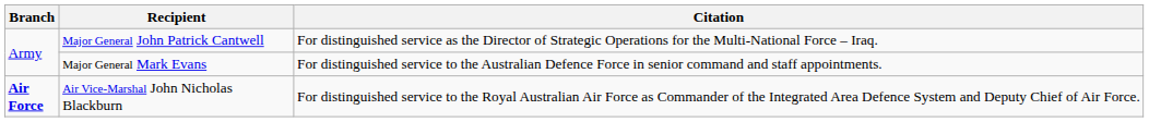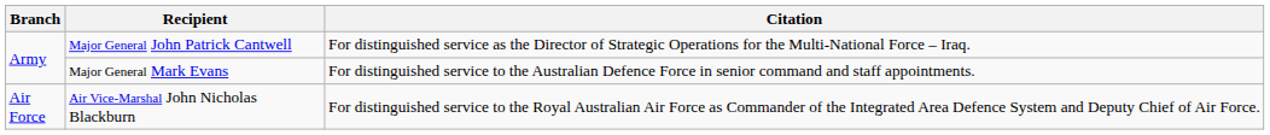 <table class="wikitable" style="font-size:95%;">
 <tr>
 <th scope="col" width="50">Branch</th>
 <th scope="col" width="240">Recipient</th>
 <th>Citation</th>
 </tr>
 <tr>
 <td rowspan="2"><a href='#'>Army</a></td>
 <td><small><a href='#'>Major General</a></small> <a href='#'>John Patrick Cantwell</a></td>
 <td>For distinguished service as the Director of Strategic Operations for the Multi-National Force – Iraq.</td>
 </tr>
 <tr>
 <td><small>Major General</small> <a href='#'>Mark Evans</a></td>
 <td>For distinguished service to the Australian Defence Force in senior command and staff appointments.</td>
 </tr>
 <tr>
-<td><strong><a href='#'>Air Force</a></strong></td>
+<td><a href='#'>Air Force</a></td>
 <td><small><a href='#'>Air Vice-Marshal</a></small> John Nicholas Blackburn</td>
 <td>For distinguished service to the Royal Australian Air Force as Commander of the Integrated Area Defence System and Deputy Chief of Air Force.</td>
 </tr>
 </table>
